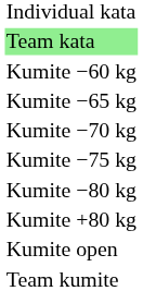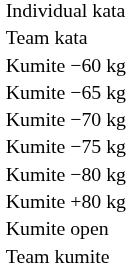 <table>
 <tr>
 <td>Individual kata</td>
 <td></td>
 <td></td>
 <td></td>
 </tr>
 <tr>
-<td style="background: lightgreen;">Team kata</td>
+<td>Team kata</td>
 <td></td>
 <td></td>
 <td></td>
 </tr>
 <tr>
 <td rowspan=2>Kumite −60 kg</td>
 <td rowspan=2></td>
 <td rowspan=2></td>
 <td></td>
 </tr>
 <tr>
 <td></td>
 </tr>
 <tr>
 <td rowspan=2>Kumite −65 kg</td>
 <td rowspan=2></td>
 <td rowspan=2></td>
 <td></td>
 </tr>
 <tr>
 <td></td>
 </tr>
 <tr>
 <td rowspan=2>Kumite −70 kg</td>
 <td rowspan=2></td>
 <td rowspan=2></td>
 <td></td>
 </tr>
 <tr>
 <td></td>
 </tr>
 <tr>
 <td rowspan=2>Kumite −75 kg</td>
 <td rowspan=2></td>
 <td rowspan=2></td>
 <td></td>
 </tr>
 <tr>
 <td></td>
 </tr>
 <tr>
 <td rowspan=2>Kumite −80 kg</td>
 <td rowspan=2></td>
 <td rowspan=2></td>
 <td></td>
 </tr>
 <tr>
 <td></td>
 </tr>
 <tr>
 <td rowspan=2>Kumite +80 kg</td>
 <td rowspan=2></td>
 <td rowspan=2></td>
 <td></td>
 </tr>
 <tr>
 <td></td>
 </tr>
 <tr>
 <td rowspan=2>Kumite open</td>
 <td rowspan=2></td>
 <td rowspan=2></td>
 <td></td>
 </tr>
 <tr>
 <td></td>
 </tr>
 <tr>
 <td rowspan=2>Team kumite</td>
 <td rowspan=2></td>
 <td rowspan=2></td>
 <td></td>
 </tr>
 <tr>
 <td></td>
 </tr>
 </table>
